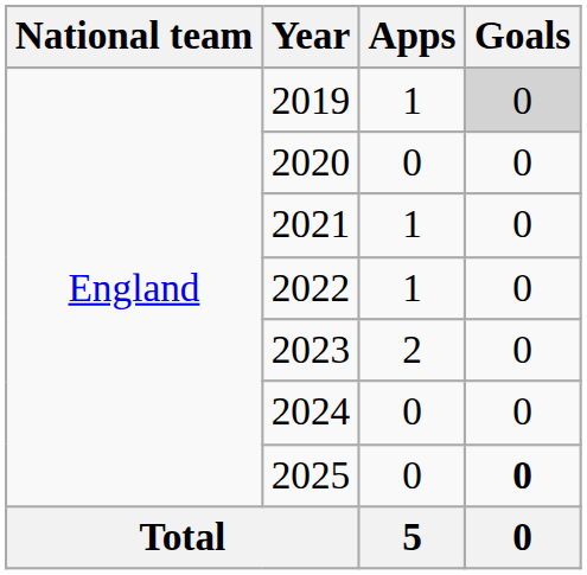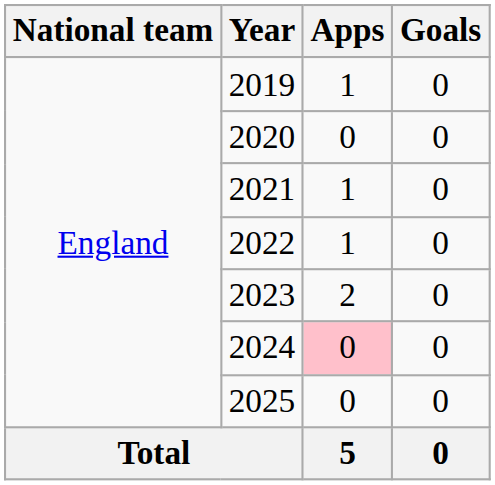 <table class="wikitable" style="text-align: center;">
 <tr>
 <th>National team</th>
 <th>Year</th>
 <th>Apps</th>
 <th>Goals</th>
 </tr>
 <tr>
 <td rowspan="7"><a href='#'>England</a></td>
 <td>2019</td>
 <td>1</td>
-<td style="background: lightgrey;">0</td>
+<td>0</td>
 </tr>
 <tr>
 <td>2020</td>
 <td>0</td>
 <td>0</td>
 </tr>
 <tr>
 <td>2021</td>
 <td>1</td>
 <td>0</td>
 </tr>
 <tr>
 <td>2022</td>
 <td>1</td>
 <td>0</td>
 </tr>
 <tr>
 <td>2023</td>
 <td>2</td>
 <td>0</td>
 </tr>
 <tr>
 <td>2024</td>
-<td>0</td>
+<td style="background: pink;">0</td>
 <td>0</td>
 </tr>
 <tr>
 <td>2025</td>
 <td>0</td>
-<td><strong>0</strong></td>
+<td>0</td>
 </tr>
 <tr>
 <th colspan="2">Total</th>
 <th>5</th>
 <th>0</th>
 </tr>
 </table>
